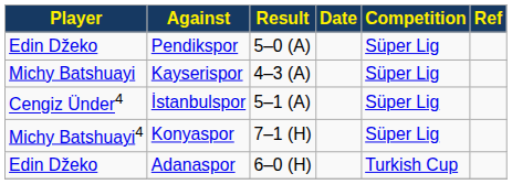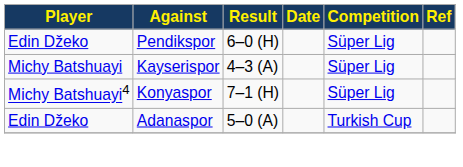 <table class="wikitable">
 <tr>
 <th style="background:#163962; color:#FFF000; ">Player</th>
 <th style="background:#163962; color:#FFF000; ">Against</th>
 <th style="background:#163962; color:#FFF000; text-align:center; ">Result</th>
 <th style="background:#163962; color:#FFF000; ">Date</th>
 <th style="background:#163962; color:#FFF000; text-align:center; ">Competition</th>
 <th style="background:#163962; color:#FFF000; ">Ref</th>
 </tr>
 <tr>
 <td> <a href='#'>Edin Džeko</a></td>
 <td><a href='#'>Pendikspor</a></td>
-<td>5–0 (A)</td>
+<td>6–0 (H)</td>
 <td></td>
 <td><a href='#'>Süper Lig</a></td>
 <td></td>
 </tr>
 <tr>
 <td> <a href='#'>Michy Batshuayi</a></td>
 <td><a href='#'>Kayserispor</a></td>
 <td>4–3 (A)</td>
-<td></td>
-<td><a href='#'>Süper Lig</a></td>
-<td></td>
-</tr>
-<tr>
-<td> <a href='#'>Cengiz Ünder</a><sup>4</sup></td>
-<td><a href='#'>İstanbulspor</a></td>
-<td>5–1 (A)</td>
 <td></td>
 <td><a href='#'>Süper Lig</a></td>
 <td></td>
 </tr>
 <tr>
 <td> <a href='#'>Michy Batshuayi</a><sup>4</sup></td>
 <td><a href='#'>Konyaspor</a></td>
 <td>7–1 (H)</td>
 <td></td>
 <td><a href='#'>Süper Lig</a></td>
 <td></td>
 </tr>
 <tr>
 <td> <a href='#'>Edin Džeko</a></td>
 <td><a href='#'>Adanaspor</a></td>
-<td>6–0 (H)</td>
+<td>5–0 (A)</td>
 <td></td>
 <td><a href='#'>Turkish Cup</a></td>
 <td></td>
 </tr>
 <tr>
 </tr>
 </table>
